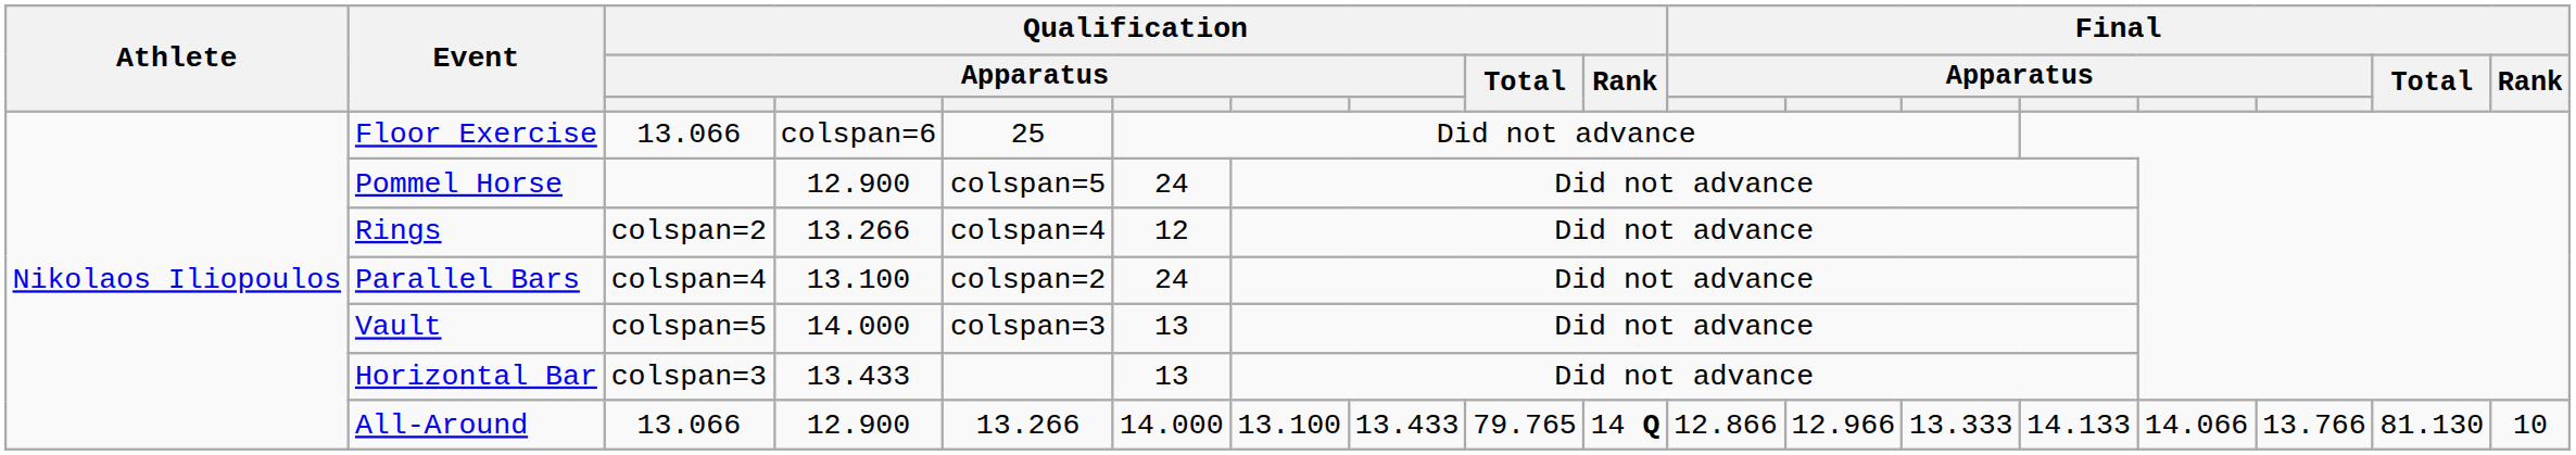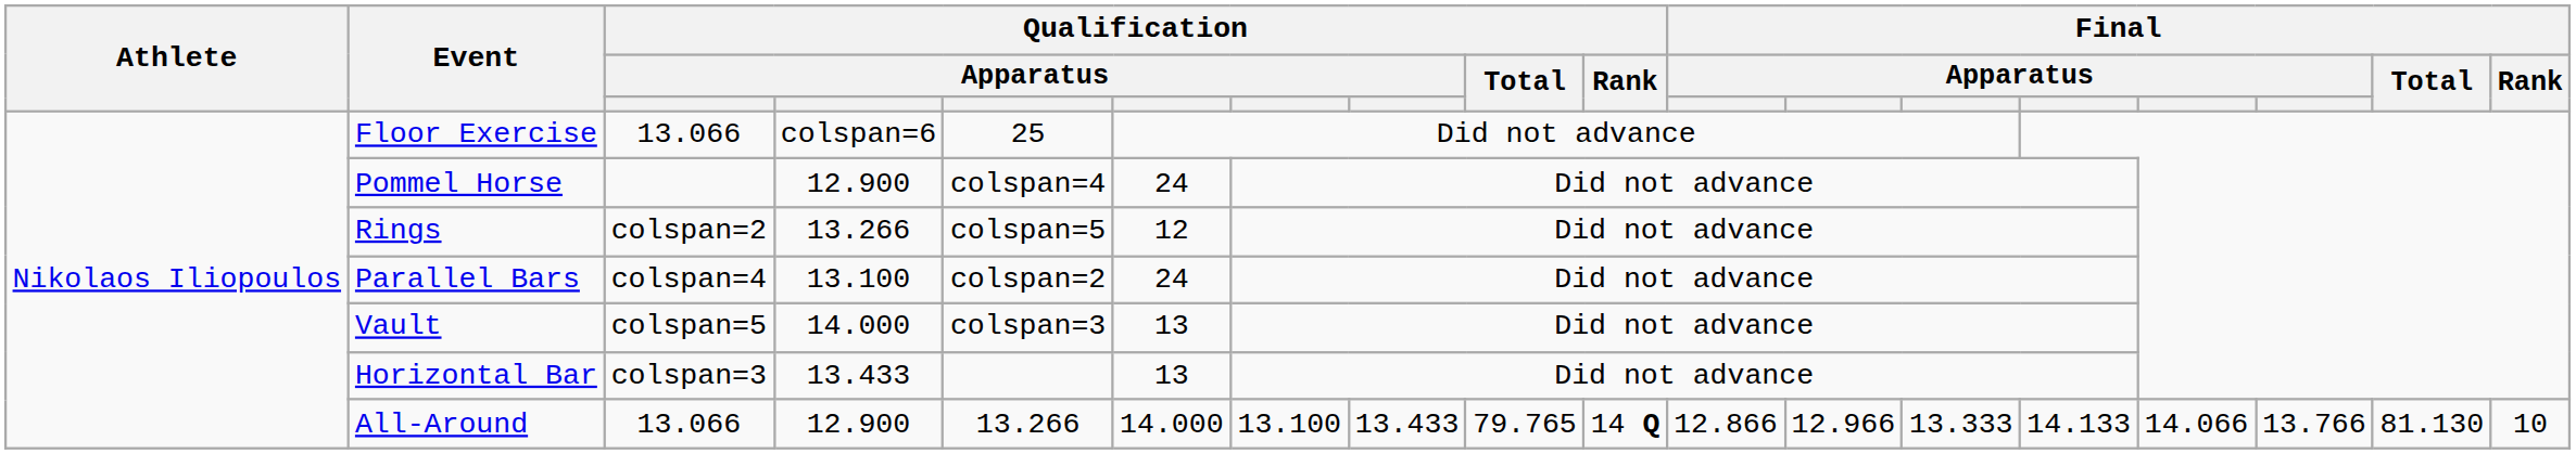 <table class="wikitable" style="font-size:90%">
 <tr>
 <th rowspan=3>Athlete</th>
 <th rowspan=3>Event</th>
 <th colspan=8>Qualification</th>
 <th colspan=8>Final</th>
 </tr>
 <tr style="font-size:95%">
 <th colspan=6>Apparatus</th>
 <th rowspan=2>Total</th>
 <th rowspan=2>Rank</th>
 <th colspan=6>Apparatus</th>
 <th rowspan=2>Total</th>
 <th rowspan=2>Rank</th>
 </tr>
 <tr style="font-size:95%">
 <th></th>
 <th></th>
 <th></th>
 <th></th>
 <th></th>
 <th></th>
 <th></th>
 <th></th>
 <th></th>
 <th></th>
 <th></th>
 <th></th>
 </tr>
 <tr align=center>
 <td align=left rowspan=7><a href='#'>Nikolaos Iliopoulos</a></td>
 <td align=left><a href='#'>Floor Exercise</a></td>
 <td>13.066</td>
 <td>colspan=6 </td>
 <td>25</td>
 <td colspan=8>Did not advance</td>
 </tr>
 <tr align=center>
 <td align=left><a href='#'>Pommel Horse</a></td>
 <td></td>
 <td>12.900</td>
-<td>colspan=5 </td>
+<td>colspan=4 </td>
 <td>24</td>
 <td colspan=8>Did not advance</td>
 </tr>
 <tr align=center>
 <td align=left><a href='#'>Rings</a></td>
 <td>colspan=2 </td>
 <td>13.266</td>
-<td>colspan=4 </td>
+<td>colspan=5 </td>
 <td>12</td>
 <td colspan=8>Did not advance</td>
 </tr>
 <tr align=center>
 <td align=left><a href='#'>Parallel Bars</a></td>
 <td>colspan=4 </td>
 <td>13.100</td>
 <td>colspan=2 </td>
 <td>24</td>
 <td colspan=8>Did not advance</td>
 </tr>
 <tr align=center>
 <td align=left><a href='#'>Vault</a></td>
 <td>colspan=5 </td>
 <td>14.000</td>
 <td>colspan=3 </td>
 <td>13</td>
 <td colspan=8>Did not advance</td>
 </tr>
 <tr align=center>
 <td align=left><a href='#'>Horizontal Bar</a></td>
 <td>colspan=3 </td>
 <td>13.433</td>
 <td></td>
 <td>13</td>
 <td colspan=8>Did not advance</td>
 </tr>
 <tr align=center>
 <td align=left><a href='#'>All-Around</a></td>
 <td>13.066</td>
 <td>12.900</td>
 <td>13.266</td>
 <td>14.000</td>
 <td>13.100</td>
 <td>13.433</td>
 <td>79.765</td>
 <td>14 <strong>Q</strong></td>
 <td>12.866</td>
 <td>12.966</td>
 <td>13.333</td>
 <td>14.133</td>
 <td>14.066</td>
 <td>13.766</td>
 <td>81.130</td>
 <td>10</td>
 </tr>
 </table>
